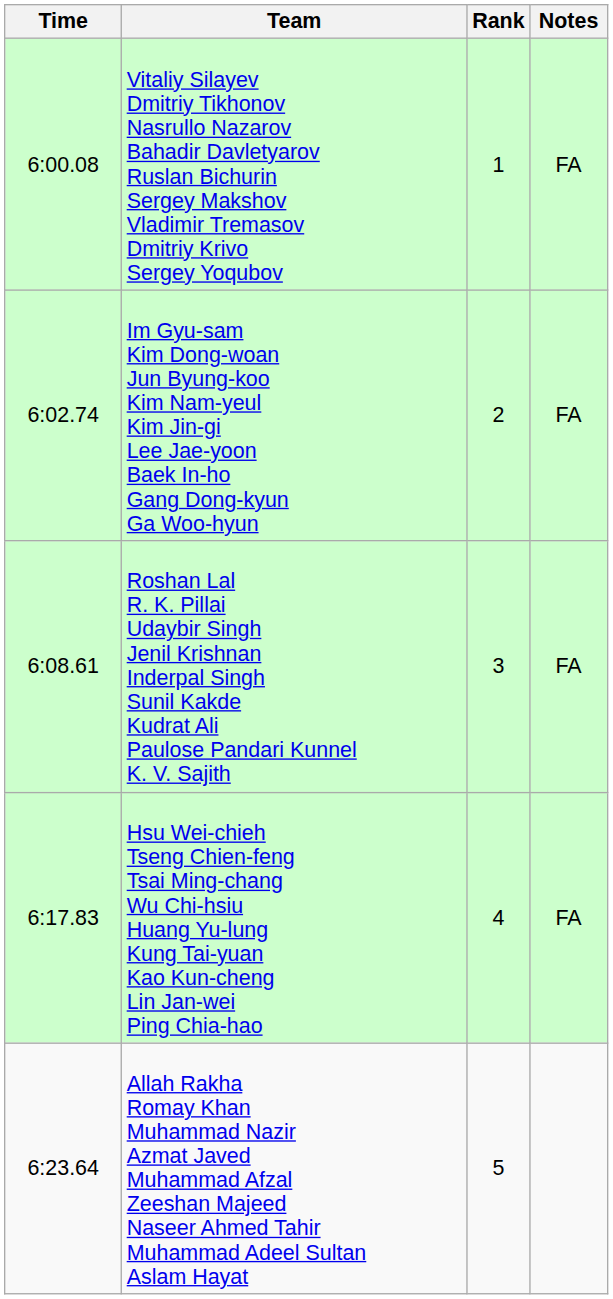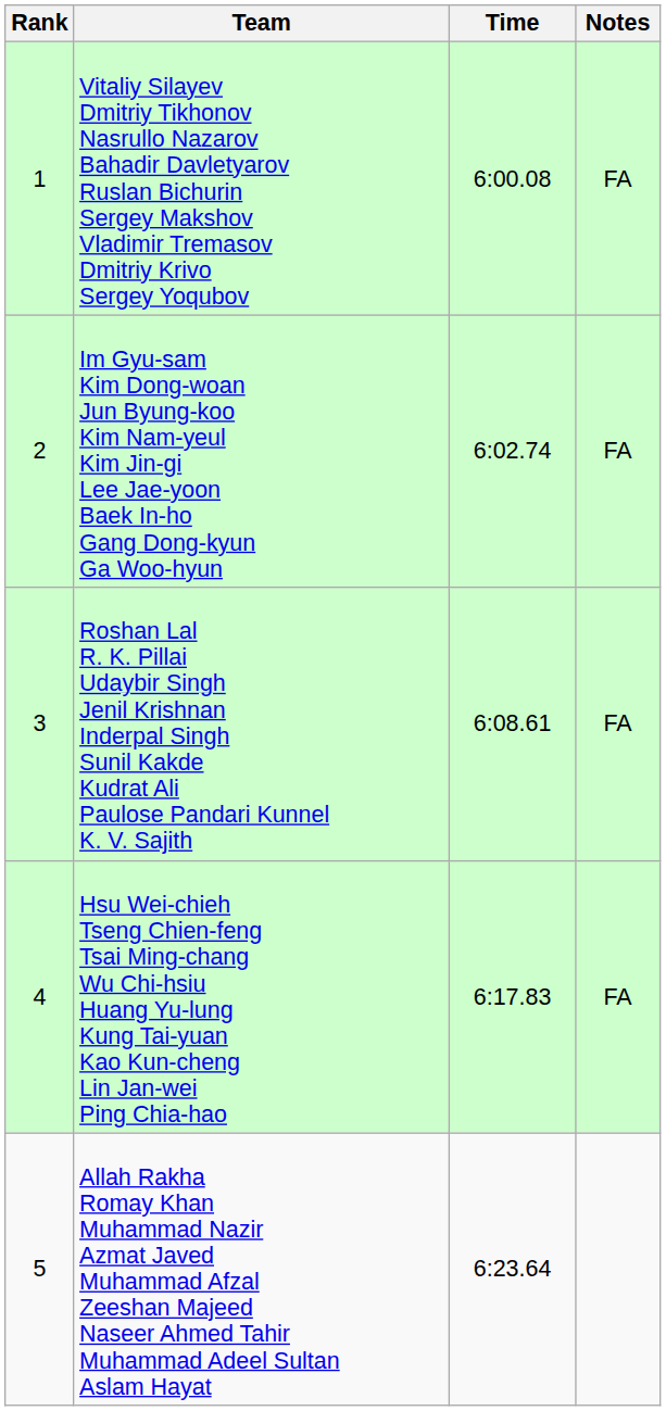 <table class=wikitable style="text-align:center">
 <tr>
+<th width=40>Rank</th>
+<th width=250>Team</th>
 <th width=80>Time</th>
-<th width=250>Team</th>
-<th width=40>Rank</th>
 <th width=50>Notes</th>
 </tr>
 <tr bgcolor="ccffcc">
+<td>1</td>
+<td align=left><br><a href='#'>Vitaliy Silayev</a><br><a href='#'>Dmitriy Tikhonov</a><br><a href='#'>Nasrullo Nazarov</a><br><a href='#'>Bahadir Davletyarov</a><br><a href='#'>Ruslan Bichurin</a><br><a href='#'>Sergey Makshov</a><br><a href='#'>Vladimir Tremasov</a><br><a href='#'>Dmitriy Krivo</a><br><a href='#'>Sergey Yoqubov</a></td>
 <td>6:00.08</td>
-<td align=left><br><a href='#'>Vitaliy Silayev</a><br><a href='#'>Dmitriy Tikhonov</a><br><a href='#'>Nasrullo Nazarov</a><br><a href='#'>Bahadir Davletyarov</a><br><a href='#'>Ruslan Bichurin</a><br><a href='#'>Sergey Makshov</a><br><a href='#'>Vladimir Tremasov</a><br><a href='#'>Dmitriy Krivo</a><br><a href='#'>Sergey Yoqubov</a></td>
-<td>1</td>
 <td>FA</td>
 </tr>
 <tr bgcolor="ccffcc">
+<td>2</td>
+<td align=left><br><a href='#'>Im Gyu-sam</a><br><a href='#'>Kim Dong-woan</a><br><a href='#'>Jun Byung-koo</a><br><a href='#'>Kim Nam-yeul</a><br><a href='#'>Kim Jin-gi</a><br><a href='#'>Lee Jae-yoon</a><br><a href='#'>Baek In-ho</a><br><a href='#'>Gang Dong-kyun</a><br><a href='#'>Ga Woo-hyun</a></td>
 <td>6:02.74</td>
-<td align=left><br><a href='#'>Im Gyu-sam</a><br><a href='#'>Kim Dong-woan</a><br><a href='#'>Jun Byung-koo</a><br><a href='#'>Kim Nam-yeul</a><br><a href='#'>Kim Jin-gi</a><br><a href='#'>Lee Jae-yoon</a><br><a href='#'>Baek In-ho</a><br><a href='#'>Gang Dong-kyun</a><br><a href='#'>Ga Woo-hyun</a></td>
-<td>2</td>
 <td>FA</td>
 </tr>
 <tr bgcolor="ccffcc">
+<td>3</td>
+<td align=left><br><a href='#'>Roshan Lal</a><br><a href='#'>R. K. Pillai</a><br><a href='#'>Udaybir Singh</a><br><a href='#'>Jenil Krishnan</a><br><a href='#'>Inderpal Singh</a><br><a href='#'>Sunil Kakde</a><br><a href='#'>Kudrat Ali</a><br><a href='#'>Paulose Pandari Kunnel</a><br><a href='#'>K. V. Sajith</a></td>
 <td>6:08.61</td>
-<td align=left><br><a href='#'>Roshan Lal</a><br><a href='#'>R. K. Pillai</a><br><a href='#'>Udaybir Singh</a><br><a href='#'>Jenil Krishnan</a><br><a href='#'>Inderpal Singh</a><br><a href='#'>Sunil Kakde</a><br><a href='#'>Kudrat Ali</a><br><a href='#'>Paulose Pandari Kunnel</a><br><a href='#'>K. V. Sajith</a></td>
-<td>3</td>
 <td>FA</td>
 </tr>
 <tr bgcolor="ccffcc">
+<td>4</td>
+<td align=left><br><a href='#'>Hsu Wei-chieh</a><br><a href='#'>Tseng Chien-feng</a><br><a href='#'>Tsai Ming-chang</a><br><a href='#'>Wu Chi-hsiu</a><br><a href='#'>Huang Yu-lung</a><br><a href='#'>Kung Tai-yuan</a><br><a href='#'>Kao Kun-cheng</a><br><a href='#'>Lin Jan-wei</a><br><a href='#'>Ping Chia-hao</a></td>
 <td>6:17.83</td>
-<td align=left><br><a href='#'>Hsu Wei-chieh</a><br><a href='#'>Tseng Chien-feng</a><br><a href='#'>Tsai Ming-chang</a><br><a href='#'>Wu Chi-hsiu</a><br><a href='#'>Huang Yu-lung</a><br><a href='#'>Kung Tai-yuan</a><br><a href='#'>Kao Kun-cheng</a><br><a href='#'>Lin Jan-wei</a><br><a href='#'>Ping Chia-hao</a></td>
-<td>4</td>
 <td>FA</td>
 </tr>
 <tr>
+<td>5</td>
+<td align=left><br><a href='#'>Allah Rakha</a><br><a href='#'>Romay Khan</a><br><a href='#'>Muhammad Nazir</a><br><a href='#'>Azmat Javed</a><br><a href='#'>Muhammad Afzal</a><br><a href='#'>Zeeshan Majeed</a><br><a href='#'>Naseer Ahmed Tahir</a><br><a href='#'>Muhammad Adeel Sultan</a><br><a href='#'>Aslam Hayat</a></td>
 <td>6:23.64</td>
-<td align=left><br><a href='#'>Allah Rakha</a><br><a href='#'>Romay Khan</a><br><a href='#'>Muhammad Nazir</a><br><a href='#'>Azmat Javed</a><br><a href='#'>Muhammad Afzal</a><br><a href='#'>Zeeshan Majeed</a><br><a href='#'>Naseer Ahmed Tahir</a><br><a href='#'>Muhammad Adeel Sultan</a><br><a href='#'>Aslam Hayat</a></td>
-<td>5</td>
 <td></td>
 </tr>
 </table>
